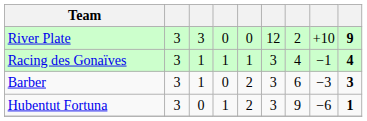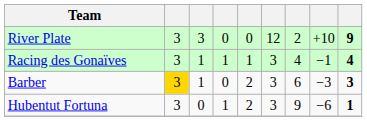 <table class="wikitable" style="text-align: center;">
 <tr>
 <th width="175">Team</th>
 <th width="20"></th>
 <th width="20"></th>
 <th width="20"></th>
 <th width="20"></th>
 <th width="20"></th>
 <th width="20"></th>
 <th width="20"></th>
 <th width="20"></th>
 </tr>
 <tr bgcolor="#ccffcc">
 <td align=left> <a href='#'>River Plate</a></td>
 <td>3</td>
 <td>3</td>
 <td>0</td>
 <td>0</td>
 <td>12</td>
 <td>2</td>
 <td>+10</td>
 <td><strong>9</strong></td>
 </tr>
 <tr bgcolor="#ccffcc">
 <td align=left> <a href='#'>Racing des Gonaïves</a></td>
 <td>3</td>
 <td>1</td>
 <td>1</td>
 <td>1</td>
 <td>3</td>
 <td>4</td>
 <td>−1</td>
 <td><strong>4</strong></td>
 </tr>
 <tr>
 <td align=left> <a href='#'>Barber</a></td>
-<td>3</td>
+<td style="background: gold;">3</td>
 <td>1</td>
 <td>0</td>
 <td>2</td>
 <td>3</td>
 <td>6</td>
 <td>−3</td>
 <td><strong>3</strong></td>
 </tr>
 <tr>
 <td align=left> <a href='#'>Hubentut Fortuna</a></td>
 <td>3</td>
 <td>0</td>
 <td>1</td>
 <td>2</td>
 <td>3</td>
 <td>9</td>
 <td>−6</td>
 <td><strong>1</strong></td>
 </tr>
 <tr>
 </tr>
 </table>
